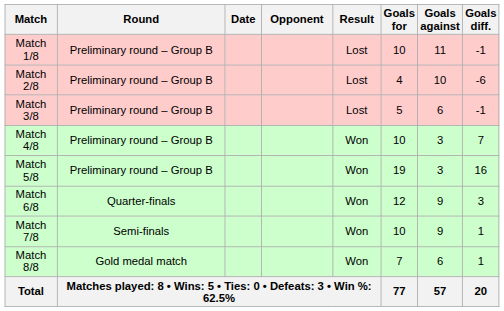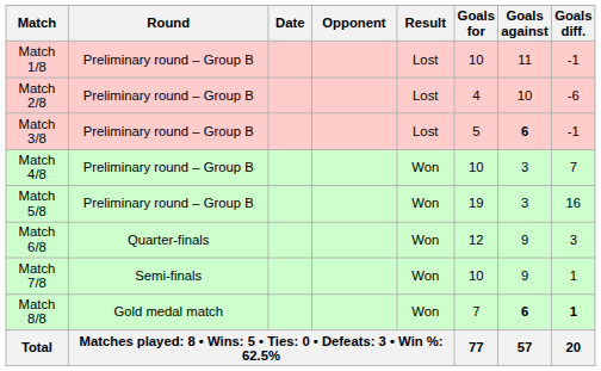 <table class="wikitable sortable" style="text-align: center; font-size: 85%; margin-left: 1em;">
 <tr>
 <th>Match</th>
 <th>Round</th>
 <th>Date</th>
 <th>Opponent</th>
 <th>Result</th>
 <th>Goals<br>for</th>
 <th>Goals<br>against</th>
 <th>Goals<br>diff.</th>
 </tr>
 <tr style="background-color: #ffcccc;">
 <td>Match 1/8</td>
 <td>Preliminary round – Group B</td>
 <td style="text-align: right;"></td>
 <td style="text-align: left;"></td>
 <td>Lost</td>
 <td>10</td>
 <td>11</td>
 <td>-1</td>
 </tr>
 <tr style="background-color: #ffcccc;">
 <td>Match 2/8</td>
 <td>Preliminary round – Group B</td>
 <td style="text-align: right;"></td>
 <td style="text-align: left;"></td>
 <td>Lost</td>
 <td>4</td>
 <td>10</td>
 <td>-6</td>
 </tr>
 <tr style="background-color: #ffcccc;">
 <td>Match 3/8</td>
 <td>Preliminary round – Group B</td>
 <td style="text-align: right;"></td>
 <td style="text-align: left;"></td>
 <td>Lost</td>
 <td>5</td>
-<td>6</td>
+<td><strong>6</strong></td>
 <td>-1</td>
 </tr>
 <tr style="background-color: #ccffcc;">
 <td>Match 4/8</td>
 <td>Preliminary round – Group B</td>
 <td style="text-align: right;"></td>
 <td style="text-align: left;"></td>
 <td>Won</td>
 <td>10</td>
 <td>3</td>
 <td>7</td>
 </tr>
 <tr style="background-color: #ccffcc;">
 <td>Match 5/8</td>
 <td>Preliminary round – Group B</td>
 <td style="text-align: right;"></td>
 <td style="text-align: left;"></td>
 <td>Won</td>
 <td>19</td>
 <td>3</td>
 <td>16</td>
 </tr>
 <tr style="background-color: #ccffcc;">
 <td>Match 6/8</td>
 <td>Quarter-finals</td>
 <td style="text-align: right;"></td>
 <td style="text-align: left;"></td>
 <td>Won</td>
 <td>12</td>
 <td>9</td>
 <td>3</td>
 </tr>
 <tr style="background-color: #ccffcc;">
 <td>Match 7/8</td>
 <td>Semi-finals</td>
 <td style="text-align: right;"></td>
 <td style="text-align: left;"></td>
 <td>Won</td>
 <td>10</td>
 <td>9</td>
 <td>1</td>
 </tr>
 <tr style="background-color: #ccffcc;">
 <td>Match 8/8</td>
 <td>Gold medal match</td>
 <td style="text-align: right;"></td>
 <td style="text-align: left;"></td>
 <td>Won</td>
 <td>7</td>
-<td>6</td>
-<td>1</td>
+<td><strong>6</strong></td>
+<td><strong>1</strong></td>
 </tr>
 <tr>
 <th>Total</th>
 <th colspan="4">Matches played: 8 • Wins: 5 • Ties: 0 • Defeats: 3 • Win %: 62.5%</th>
 <th>77</th>
 <th>57</th>
 <th>20</th>
 </tr>
 </table>
